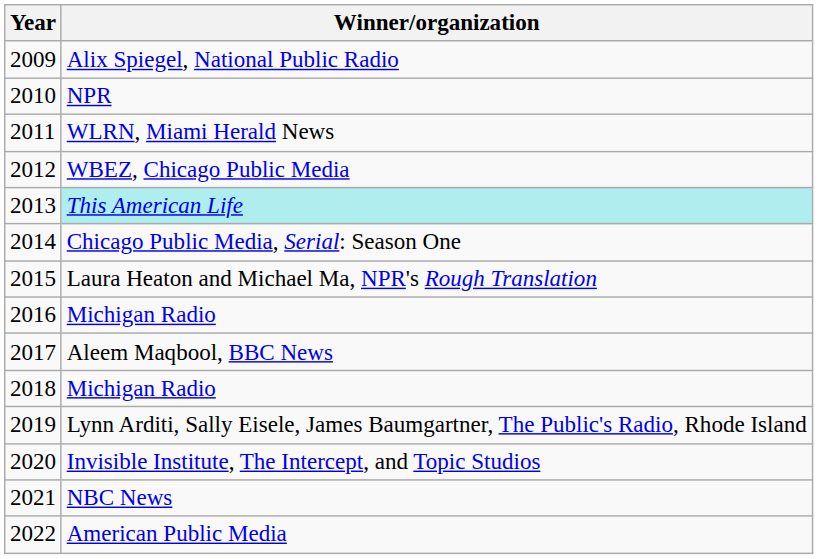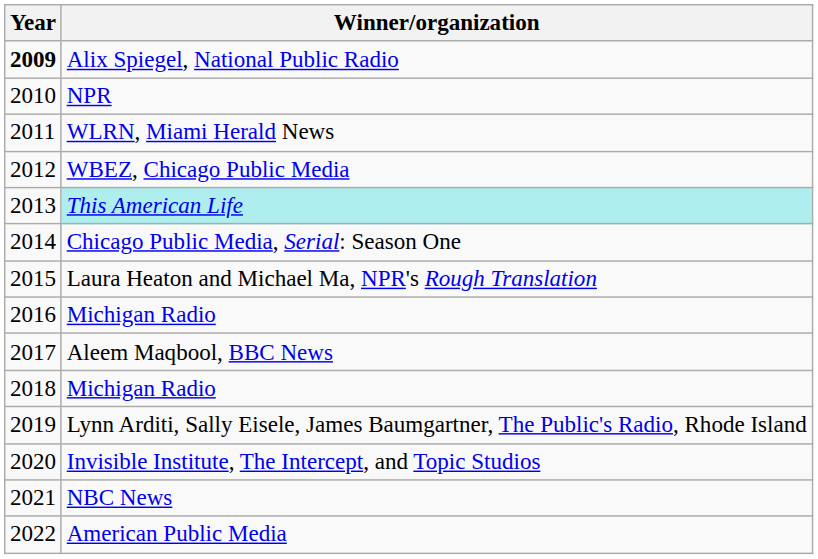 <table class="wikitable sortable">
 <tr>
 <th>Year</th>
 <th>Winner/organization</th>
 </tr>
 <tr>
-<td>2009</td>
+<td><strong>2009</strong></td>
 <td><a href='#'>Alix Spiegel</a>, <a href='#'>National Public Radio</a></td>
 </tr>
 <tr>
 <td>2010</td>
 <td><a href='#'>NPR</a></td>
 </tr>
 <tr>
 <td>2011</td>
 <td><a href='#'>WLRN</a>, <a href='#'>Miami Herald</a> News</td>
 </tr>
 <tr>
 <td>2012</td>
 <td><a href='#'>WBEZ</a>, <a href='#'>Chicago Public Media</a></td>
 </tr>
 <tr>
 <td>2013</td>
 <td style="background: paleturquoise;"><em><a href='#'>This American Life</a></em></td>
 </tr>
 <tr>
 <td>2014</td>
 <td><a href='#'>Chicago Public Media</a>, <em><a href='#'>Serial</a></em>: Season One</td>
 </tr>
 <tr>
 <td>2015</td>
 <td>Laura Heaton and Michael Ma, <a href='#'>NPR</a>'s <em><a href='#'>Rough Translation</a></em></td>
 </tr>
 <tr>
 <td>2016</td>
 <td><a href='#'>Michigan Radio</a></td>
 </tr>
 <tr>
 <td>2017</td>
 <td>Aleem Maqbool, <a href='#'>BBC News</a></td>
 </tr>
 <tr>
 <td>2018</td>
 <td><a href='#'>Michigan Radio</a></td>
 </tr>
 <tr>
 <td>2019</td>
 <td>Lynn Arditi, Sally Eisele, James Baumgartner, <a href='#'>The Public's Radio</a>, Rhode Island</td>
 </tr>
 <tr>
 <td>2020</td>
 <td><a href='#'>Invisible Institute</a>, <a href='#'>The Intercept</a>, and <a href='#'>Topic Studios</a></td>
 </tr>
 <tr>
 <td>2021</td>
 <td><a href='#'>NBC News</a></td>
 </tr>
 <tr>
 <td>2022</td>
 <td><a href='#'>American Public Media</a></td>
 </tr>
 </table>
